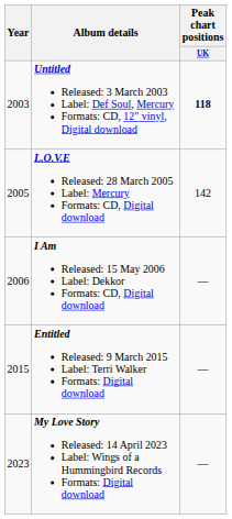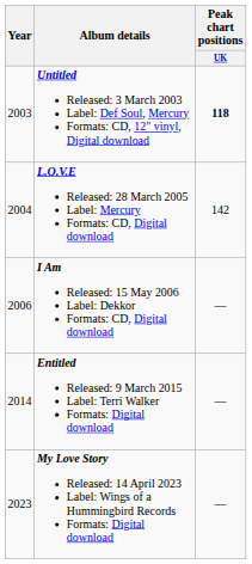 <table class="wikitable" style=text-align:center;>
 <tr>
 <th rowspan="2" width="1">Year</th>
 <th width="210" rowspan="2">Album details</th>
 <th colspan="1">Peak chart positions</th>
 </tr>
 <tr>
 <th style="width:3em;font-size:75%"><a href='#'>UK</a></th>
 </tr>
 <tr>
 <td>2003</td>
 <td align="left"><strong><em><a href='#'>Untitled</a></em></strong><br><ul><li>Released: 3 March 2003</li><li>Label: <a href='#'>Def Soul</a>, <a href='#'>Mercury</a></li><li>Formats: CD, <a href='#'>12" vinyl</a>, <a href='#'>Digital download</a></li></ul></td>
 <td><strong>118</strong></td>
 </tr>
 <tr>
-<td>2005</td>
+<td>2004</td>
 <td align="left"><strong><em><a href='#'>L.O.V.E</a></em></strong><br><ul><li>Released: 28 March 2005</li><li>Label: <a href='#'>Mercury</a></li><li>Formats: CD, <a href='#'>Digital download</a></li></ul></td>
 <td>142</td>
 </tr>
 <tr>
 <td>2006</td>
 <td align="left"><strong><em>I Am</em></strong><br><ul><li>Released: 15 May 2006</li><li>Label: Dekkor</li><li>Formats: CD, <a href='#'>Digital download</a></li></ul></td>
 <td align="center">—</td>
 </tr>
 <tr>
-<td>2015</td>
+<td>2014</td>
 <td align="left"><strong><em>Entitled</em></strong><br><ul><li>Released: 9 March 2015</li><li>Label: Terri Walker</li><li>Formats: <a href='#'>Digital download</a></li></ul></td>
 <td align="center">—</td>
 </tr>
 <tr>
 <td>2023</td>
 <td align="left"><strong><em>My Love Story</em></strong><br><ul><li>Released: 14 April 2023</li><li>Label: Wings of a Hummingbird Records</li><li>Formats: <a href='#'>Digital download</a></li></ul></td>
 <td align="center">—</td>
 </tr>
 </table>
